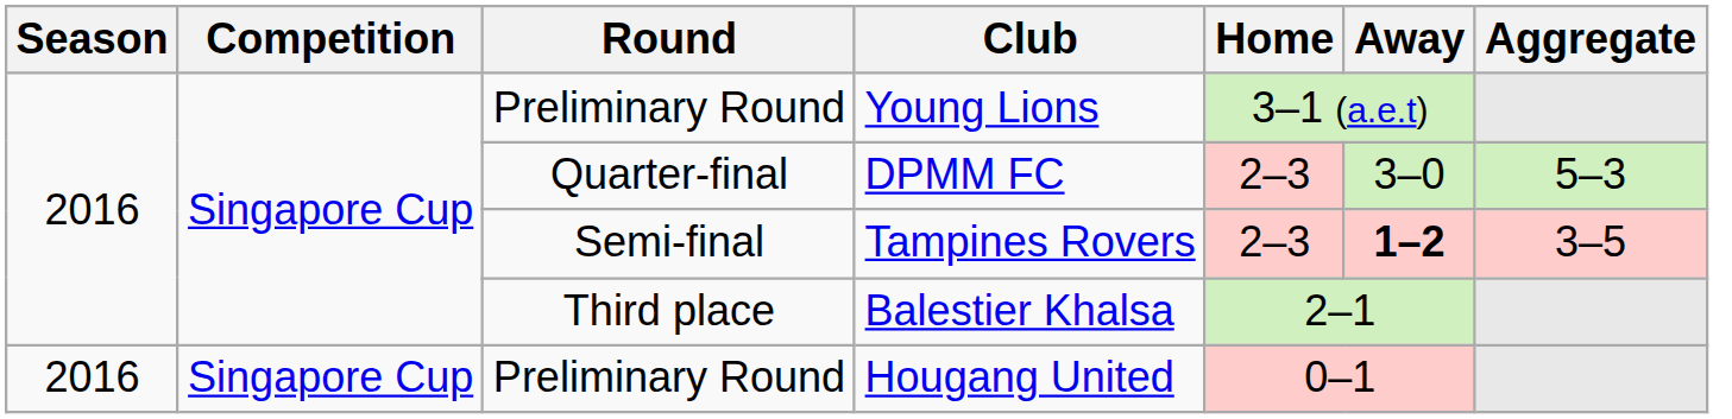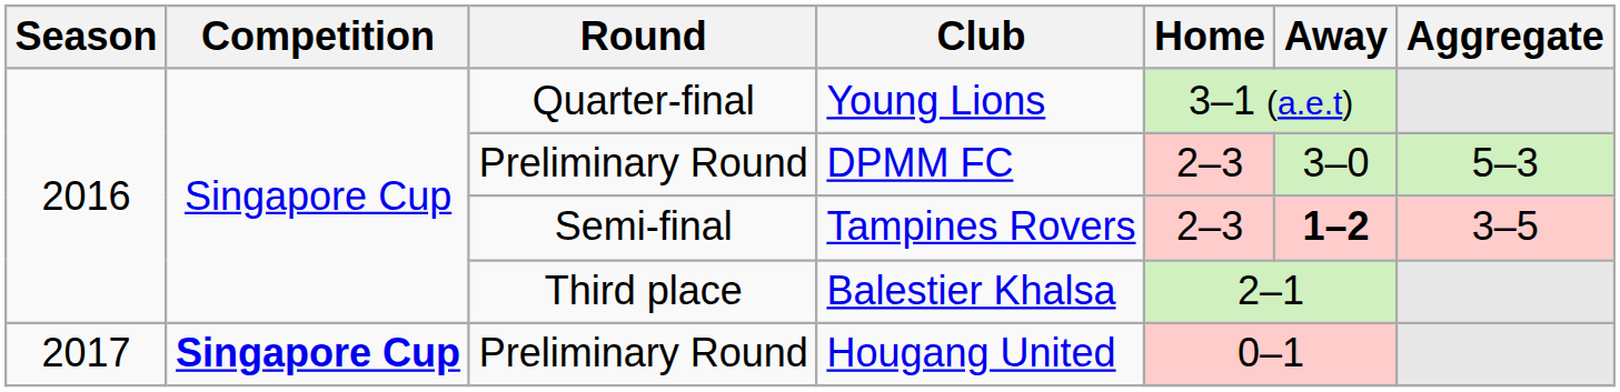 <table class="wikitable">
 <tr>
 <th>Season</th>
 <th>Competition</th>
 <th>Round</th>
 <th>Club</th>
 <th>Home</th>
 <th>Away</th>
 <th>Aggregate</th>
 </tr>
 <tr>
 <td rowspan=4 style="text-align:center;">2016</td>
 <td rowspan=4 style="text-align:center;"><a href='#'>Singapore Cup</a></td>
-<td style="text-align:center;">Preliminary Round</td>
+<td style="text-align:center;">Quarter-final</td>
 <td> <a href='#'>Young Lions</a></td>
 <td colspan=2; bgcolor=#D0F0C0 style="text-align:center;">3–1 <small>(<a href='#'>a.e.t</a>)</small></td>
 <td bgcolor=#E8E8E8 style="text-align:center;"></td>
 </tr>
 <tr>
-<td style="text-align:center;">Quarter-final</td>
+<td style="text-align:center;">Preliminary Round</td>
 <td> <a href='#'>DPMM FC</a></td>
 <td bgcolor=#FFCCCC style="text-align:center;">2–3</td>
 <td bgcolor=#D0F0C0 style="text-align:center;">3–0</td>
 <td bgcolor=#D0F0C0 style="text-align:center;">5–3</td>
 </tr>
 <tr>
 <td style="text-align:center;">Semi-final</td>
 <td> <a href='#'>Tampines Rovers</a></td>
 <td bgcolor=#FFCCCC style="text-align:center;">2–3</td>
 <td bgcolor=#FFCCCC style="text-align:center;"><strong>1–2</strong></td>
 <td bgcolor=#FFCCCC style="text-align:center;">3–5</td>
 </tr>
 <tr>
 <td style="text-align:center;">Third place</td>
 <td> <a href='#'>Balestier Khalsa</a></td>
 <td colspan=2; bgcolor=#D0F0C0 style="text-align:center;">2–1</td>
 <td bgcolor=#E8E8E8 style="text-align:center;"></td>
 </tr>
 <tr>
-<td style="text-align:center;">2016</td>
-<td style="text-align:center;"><a href='#'>Singapore Cup</a></td>
+<td style="text-align:center;">2017</td>
+<td style="text-align:center;"><strong><a href='#'>Singapore Cup</a></strong></td>
 <td style="text-align:center;">Preliminary Round</td>
 <td> <a href='#'>Hougang United</a></td>
 <td colspan=2; bgcolor=#FFCCCC style="text-align:center;">0–1</td>
 <td bgcolor=#E8E8E8 style="text-align:center;"></td>
 </tr>
 </table>
